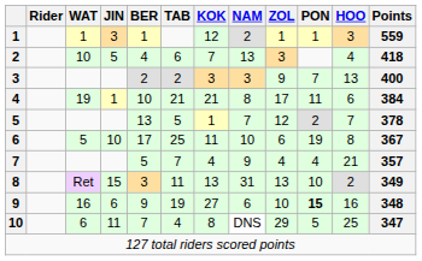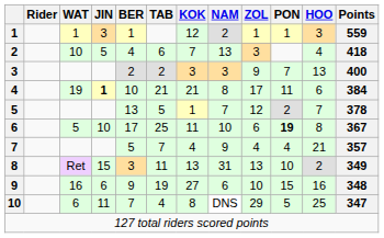 <table class="wikitable" style="font-size: 90%; text-align:center">
 <tr style="vertical-align:middle;">
 <th style="vertical-align:middle"></th>
 <th style="vertical-align:middle;background">Rider</th>
 <th>WAT<br></th>
 <th>JIN<br></th>
 <th>BER<br></th>
 <th>TAB<br></th>
 <th><a href='#'>KOK</a><br></th>
 <th><a href='#'>NAM</a><br></th>
 <th><a href='#'>ZOL</a><br></th>
 <th>PON<br></th>
 <th><a href='#'>HOO</a><br></th>
 <th style="vertical-align:middle">Points</th>
 </tr>
 <tr>
 <th>1</th>
 <td style="text-align:left"></td>
 <td style="background-color:#ffffbf">1</td>
 <td style="background-color:#ffdf9f">3</td>
 <td style="background-color:#ffffbf">1</td>
 <td></td>
 <td style="background-color:#dfffdf">12</td>
 <td style="background-color:#dfdfdf">2</td>
 <td style="background-color:#ffffbf">1</td>
 <td style="background-color:#ffffbf">1</td>
 <td style="background-color:#ffdf9f">3</td>
 <th>559</th>
 </tr>
 <tr>
 <th>2</th>
 <td style="text-align:left"></td>
 <td style="background-color:#dfffdf">10</td>
 <td style="background-color:#dfffdf">5</td>
 <td style="background-color:#dfffdf">4</td>
 <td style="background-color:#dfffdf">6</td>
 <td style="background-color:#dfffdf">7</td>
 <td style="background-color:#dfffdf">13</td>
 <td style="background-color:#ffdf9f">3</td>
 <td></td>
 <td style="background-color:#dfffdf">4</td>
 <th>418</th>
 </tr>
 <tr>
 <th>3</th>
 <td style="text-align:left"></td>
 <td></td>
 <td></td>
 <td style="background-color:#dfdfdf">2</td>
 <td style="background-color:#dfdfdf">2</td>
 <td style="background-color:#ffdf9f">3</td>
 <td style="background-color:#ffdf9f">3</td>
 <td style="background-color:#dfffdf">9</td>
 <td style="background-color:#dfffdf">7</td>
 <td style="background-color:#dfffdf">13</td>
 <th>400</th>
 </tr>
 <tr>
 <th>4</th>
 <td style="text-align:left"></td>
 <td style="background-color:#dfffdf">19</td>
-<td style="background-color:#ffffbf">1</td>
+<td style="background-color:#ffffbf"><strong>1</strong></td>
 <td style="background-color:#dfffdf">10</td>
 <td style="background-color:#dfffdf">21</td>
 <td style="background-color:#dfffdf">21</td>
 <td style="background-color:#dfffdf">8</td>
 <td style="background-color:#dfffdf">17</td>
 <td style="background-color:#dfffdf">11</td>
 <td style="background-color:#dfffdf">6</td>
 <th>384</th>
 </tr>
 <tr>
 <th>5</th>
 <td style="text-align:left"></td>
 <td></td>
 <td></td>
 <td style="background-color:#dfffdf">13</td>
 <td style="background-color:#dfffdf">5</td>
 <td style="background-color:#ffffbf">1</td>
 <td style="background-color:#dfffdf">7</td>
 <td style="background-color:#dfffdf">12</td>
 <td style="background-color:#dfdfdf">2</td>
 <td style="background-color:#dfffdf">7</td>
 <th>378</th>
 </tr>
 <tr>
 <th>6</th>
 <td style="text-align:left"></td>
 <td style="background-color:#dfffdf">5</td>
 <td style="background-color:#dfffdf">10</td>
 <td style="background-color:#dfffdf">17</td>
 <td style="background-color:#dfffdf">25</td>
 <td style="background-color:#dfffdf">11</td>
 <td style="background-color:#dfffdf">10</td>
 <td style="background-color:#dfffdf">6</td>
-<td style="background-color:#dfffdf">19</td>
+<td style="background-color:#dfffdf"><strong>19</strong></td>
 <td style="background-color:#dfffdf">8</td>
 <th>367</th>
 </tr>
 <tr>
 <th>7</th>
 <td style="text-align:left"></td>
 <td></td>
 <td></td>
 <td style="background-color:#dfffdf">5</td>
 <td style="background-color:#dfffdf">7</td>
 <td style="background-color:#dfffdf">4</td>
 <td style="background-color:#dfffdf">9</td>
 <td style="background-color:#dfffdf">4</td>
 <td style="background-color:#dfffdf">4</td>
 <td style="background-color:#dfffdf">21</td>
 <th>357</th>
 </tr>
 <tr>
 <th>8</th>
 <td style="text-align:left"></td>
 <td style="background-color:#efcfff">Ret</td>
 <td style="background-color:#dfffdf">15</td>
 <td style="background-color:#ffdf9f">3</td>
 <td style="background-color:#dfffdf">11</td>
 <td style="background-color:#dfffdf">13</td>
 <td style="background-color:#dfffdf">31</td>
 <td style="background-color:#dfffdf">13</td>
 <td style="background-color:#dfffdf">10</td>
 <td style="background-color:#dfdfdf">2</td>
 <th>349</th>
 </tr>
 <tr>
 <th>9</th>
 <td style="text-align:left"></td>
 <td style="background-color:#dfffdf">16</td>
 <td style="background-color:#dfffdf">6</td>
 <td style="background-color:#dfffdf">9</td>
 <td style="background-color:#dfffdf">19</td>
 <td style="background-color:#dfffdf">27</td>
 <td style="background-color:#dfffdf">6</td>
 <td style="background-color:#dfffdf">10</td>
-<td style="background-color:#dfffdf"><strong>15</strong></td>
+<td style="background-color:#dfffdf">15</td>
 <td style="background-color:#dfffdf">16</td>
 <th>348</th>
 </tr>
 <tr>
 <th>10</th>
 <td style="text-align:left"></td>
 <td style="background-color:#dfffdf">6</td>
 <td style="background-color:#dfffdf">11</td>
 <td style="background-color:#dfffdf">7</td>
 <td style="background-color:#dfffdf">4</td>
 <td style="background-color:#dfffdf">8</td>
 <td style="background-color:#ffffff">DNS</td>
 <td style="background-color:#dfffdf">29</td>
 <td style="background-color:#dfffdf">5</td>
 <td style="background-color:#dfffdf">25</td>
 <th>347</th>
 </tr>
 <tr>
 <td colspan=12><em>127 total riders scored points</em></td>
 </tr>
 </table>
